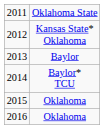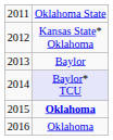 <table class="wikitable" style="text-align: center;">
 <tr>
 <td>2011</td>
 <td><a href='#'>Oklahoma State</a></td>
 </tr>
 <tr>
 <td>2012</td>
 <td><a href='#'>Kansas State</a>*<br><a href='#'>Oklahoma</a></td>
 </tr>
 <tr>
 <td>2013</td>
 <td><a href='#'>Baylor</a></td>
 </tr>
 <tr>
 <td>2014</td>
-<td><a href='#'>Baylor</a>*<br><a href='#'>TCU</a></td>
+<td style="background: lavender;"><a href='#'>Baylor</a>*<br><a href='#'>TCU</a></td>
 </tr>
 <tr>
 <td>2015</td>
-<td><a href='#'>Oklahoma</a></td>
+<td><strong><a href='#'>Oklahoma</a></strong></td>
 </tr>
 <tr>
 <td>2016</td>
 <td><a href='#'>Oklahoma</a></td>
 </tr>
 </table>
